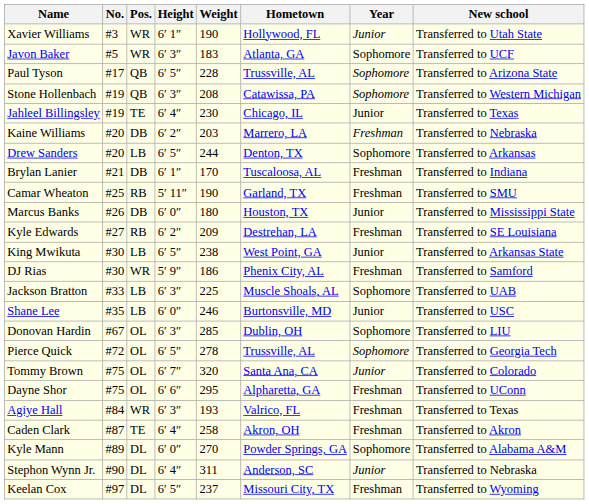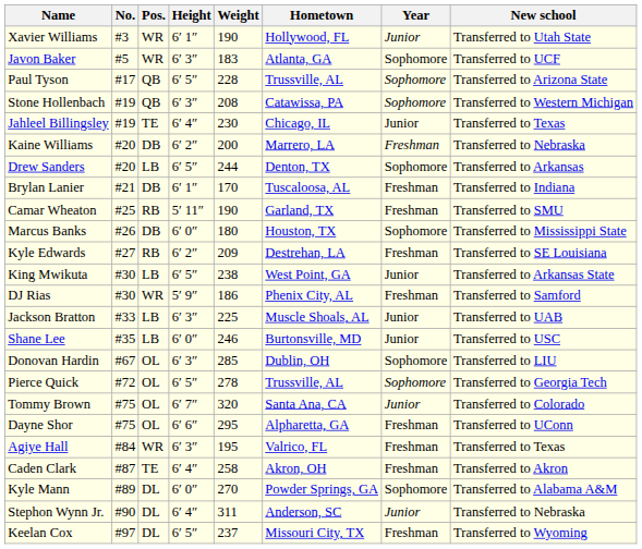 <table class="wikitable sortable">
 <tr>
 <th style="text-align:center; ">Name</th>
 <th style="text-align:center; ">No.</th>
 <th style="text-align:center; ">Pos.</th>
 <th style="text-align:center; ">Height</th>
 <th style="text-align:center; ">Weight</th>
 <th style="text-align:center; ">Hometown</th>
 <th style="text-align:center; ">Year</th>
 <th style="text-align:center; ">New school</th>
 </tr>
 <tr style="background:#FFFFE6;">
 <td>Xavier Williams</td>
 <td>#3</td>
 <td>WR</td>
 <td>6′ 1″</td>
 <td>190</td>
 <td><a href='#'>Hollywood, FL</a></td>
 <td><em> Junior</em></td>
 <td>Transferred to <a href='#'>Utah State</a></td>
 </tr>
 <tr style="background:#FFFFE6;">
 <td><a href='#'>Javon Baker</a></td>
 <td>#5</td>
 <td>WR</td>
 <td>6′ 3″</td>
 <td>183</td>
 <td><a href='#'>Atlanta, GA</a></td>
 <td>Sophomore</td>
 <td>Transferred to <a href='#'>UCF</a></td>
 </tr>
 <tr style="background:#FFFFE6;">
 <td>Paul Tyson</td>
 <td>#17</td>
 <td>QB</td>
 <td>6′ 5″</td>
 <td>228</td>
 <td><a href='#'>Trussville, AL</a></td>
 <td><em> Sophomore</em></td>
 <td>Transferred to <a href='#'>Arizona State</a></td>
 </tr>
 <tr style="background:#FFFFE6;">
 <td>Stone Hollenbach</td>
 <td>#19</td>
 <td>QB</td>
 <td>6′ 3″</td>
 <td>208</td>
 <td><a href='#'>Catawissa, PA</a></td>
 <td><em> Sophomore</em></td>
 <td>Transferred to <a href='#'>Western Michigan</a></td>
 </tr>
 <tr style="background:#FFFFE6;">
 <td><a href='#'>Jahleel Billingsley</a></td>
 <td>#19</td>
 <td>TE</td>
 <td>6′ 4″</td>
 <td>230</td>
 <td><a href='#'>Chicago, IL</a></td>
 <td>Junior</td>
 <td>Transferred to <a href='#'>Texas</a></td>
 </tr>
 <tr style="background:#FFFFE6;">
 <td>Kaine Williams</td>
 <td>#20</td>
 <td>DB</td>
 <td>6′ 2″</td>
-<td>203</td>
+<td>200</td>
 <td><a href='#'>Marrero, LA</a></td>
 <td><em> Freshman</em></td>
 <td>Transferred to <a href='#'>Nebraska</a></td>
 </tr>
 <tr style="background:#FFFFE6;">
 <td><a href='#'>Drew Sanders</a></td>
 <td>#20</td>
 <td>LB</td>
 <td>6′ 5″</td>
 <td>244</td>
 <td><a href='#'>Denton, TX</a></td>
 <td>Sophomore</td>
 <td>Transferred to <a href='#'>Arkansas</a></td>
 </tr>
 <tr style="background:#FFFFE6;">
 <td>Brylan Lanier</td>
 <td>#21</td>
 <td>DB</td>
 <td>6′ 1″</td>
 <td>170</td>
 <td><a href='#'>Tuscaloosa, AL</a></td>
 <td>Freshman</td>
 <td>Transferred to <a href='#'>Indiana</a></td>
 </tr>
 <tr style="background:#FFFFE6;">
 <td>Camar Wheaton</td>
 <td>#25</td>
 <td>RB</td>
 <td>5′ 11″</td>
 <td>190</td>
 <td><a href='#'>Garland, TX</a></td>
 <td>Freshman</td>
 <td>Transferred to <a href='#'>SMU</a></td>
 </tr>
 <tr style="background:#FFFFE6;">
 <td>Marcus Banks</td>
 <td>#26</td>
 <td>DB</td>
 <td>6′ 0″</td>
 <td>180</td>
 <td><a href='#'>Houston, TX</a></td>
-<td>Junior</td>
+<td>Sophomore</td>
 <td>Transferred to <a href='#'>Mississippi State</a></td>
 </tr>
 <tr style="background:#FFFFE6;">
 <td>Kyle Edwards</td>
 <td>#27</td>
 <td>RB</td>
 <td>6′ 2″</td>
 <td>209</td>
 <td><a href='#'>Destrehan, LA</a></td>
 <td>Freshman</td>
 <td>Transferred to <a href='#'>SE Louisiana</a></td>
 </tr>
 <tr style="background:#FFFFE6;">
 <td>King Mwikuta</td>
 <td>#30</td>
 <td>LB</td>
 <td>6′ 5″</td>
 <td>238</td>
 <td><a href='#'>West Point, GA</a></td>
 <td>Junior</td>
 <td>Transferred to <a href='#'>Arkansas State</a></td>
 </tr>
 <tr style="background:#FFFFE6;">
 <td>DJ Rias</td>
 <td>#30</td>
 <td>WR</td>
 <td>5′ 9″</td>
 <td>186</td>
 <td><a href='#'>Phenix City, AL</a></td>
 <td>Freshman</td>
 <td>Transferred to <a href='#'>Samford</a></td>
 </tr>
 <tr style="background:#FFFFE6;">
 <td>Jackson Bratton</td>
 <td>#33</td>
 <td>LB</td>
 <td>6′ 3″</td>
 <td>225</td>
 <td><a href='#'>Muscle Shoals, AL</a></td>
-<td>Sophomore</td>
+<td>Junior</td>
 <td>Transferred to <a href='#'>UAB</a></td>
 </tr>
 <tr style="background:#FFFFE6;">
 <td><a href='#'>Shane Lee</a></td>
 <td>#35</td>
 <td>LB</td>
 <td>6′ 0″</td>
 <td>246</td>
 <td><a href='#'>Burtonsville, MD</a></td>
 <td>Junior</td>
 <td>Transferred to <a href='#'>USC</a></td>
 </tr>
 <tr style="background:#FFFFE6;">
 <td>Donovan Hardin</td>
 <td>#67</td>
 <td>OL</td>
 <td>6′ 3″</td>
 <td>285</td>
 <td><a href='#'>Dublin, OH</a></td>
 <td>Sophomore</td>
 <td>Transferred to <a href='#'>LIU</a></td>
 </tr>
 <tr style="background:#FFFFE6;">
 <td>Pierce Quick</td>
 <td>#72</td>
 <td>OL</td>
 <td>6′ 5″</td>
 <td>278</td>
 <td><a href='#'>Trussville, AL</a></td>
 <td><em> Sophomore</em></td>
 <td>Transferred to <a href='#'>Georgia Tech</a></td>
 </tr>
 <tr style="background:#FFFFE6;">
 <td>Tommy Brown</td>
 <td>#75</td>
 <td>OL</td>
 <td>6′ 7″</td>
 <td>320</td>
 <td><a href='#'>Santa Ana, CA</a></td>
 <td><em> Junior</em></td>
 <td>Transferred to <a href='#'>Colorado</a></td>
 </tr>
 <tr style="background:#FFFFE6;">
 <td>Dayne Shor</td>
 <td>#75</td>
 <td>OL</td>
 <td>6′ 6″</td>
 <td>295</td>
 <td><a href='#'>Alpharetta, GA</a></td>
 <td>Freshman</td>
 <td>Transferred to <a href='#'>UConn</a></td>
 </tr>
 <tr style="background:#FFFFE6;">
 <td><a href='#'>Agiye Hall</a></td>
 <td>#84</td>
 <td>WR</td>
 <td>6′ 3″</td>
-<td>193</td>
+<td>195</td>
 <td><a href='#'>Valrico, FL</a></td>
 <td>Freshman</td>
 <td>Transferred to Texas</td>
 </tr>
 <tr style="background:#FFFFE6;">
 <td>Caden Clark</td>
 <td>#87</td>
 <td>TE</td>
 <td>6′ 4″</td>
 <td>258</td>
 <td><a href='#'>Akron, OH</a></td>
 <td>Freshman</td>
 <td>Transferred to <a href='#'>Akron</a></td>
 </tr>
 <tr style="background:#FFFFE6;">
 <td>Kyle Mann</td>
 <td>#89</td>
 <td>DL</td>
 <td>6′ 0″</td>
 <td>270</td>
 <td><a href='#'>Powder Springs, GA</a></td>
 <td>Sophomore</td>
 <td>Transferred to <a href='#'>Alabama A&M</a></td>
 </tr>
 <tr style="background:#FFFFE6;">
 <td>Stephon Wynn Jr.</td>
 <td>#90</td>
 <td>DL</td>
 <td>6′ 4″</td>
 <td>311</td>
 <td><a href='#'>Anderson, SC</a></td>
 <td><em> Junior</em></td>
 <td>Transferred to Nebraska</td>
 </tr>
 <tr style="background:#FFFFE6;">
 <td>Keelan Cox</td>
 <td>#97</td>
 <td>DL</td>
 <td>6′ 5″</td>
 <td>237</td>
 <td><a href='#'>Missouri City, TX</a></td>
 <td>Freshman</td>
 <td>Transferred to <a href='#'>Wyoming</a></td>
 </tr>
 </table>
